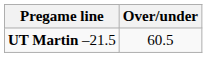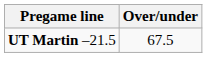 <table class="wikitable">
 <tr align="center">
 <th>Pregame line</th>
 <th>Over/under</th>
 </tr>
 <tr align="center">
 <td><strong>UT Martin</strong> –21.5</td>
-<td>60.5</td>
+<td>67.5</td>
 </tr>
 </table>
